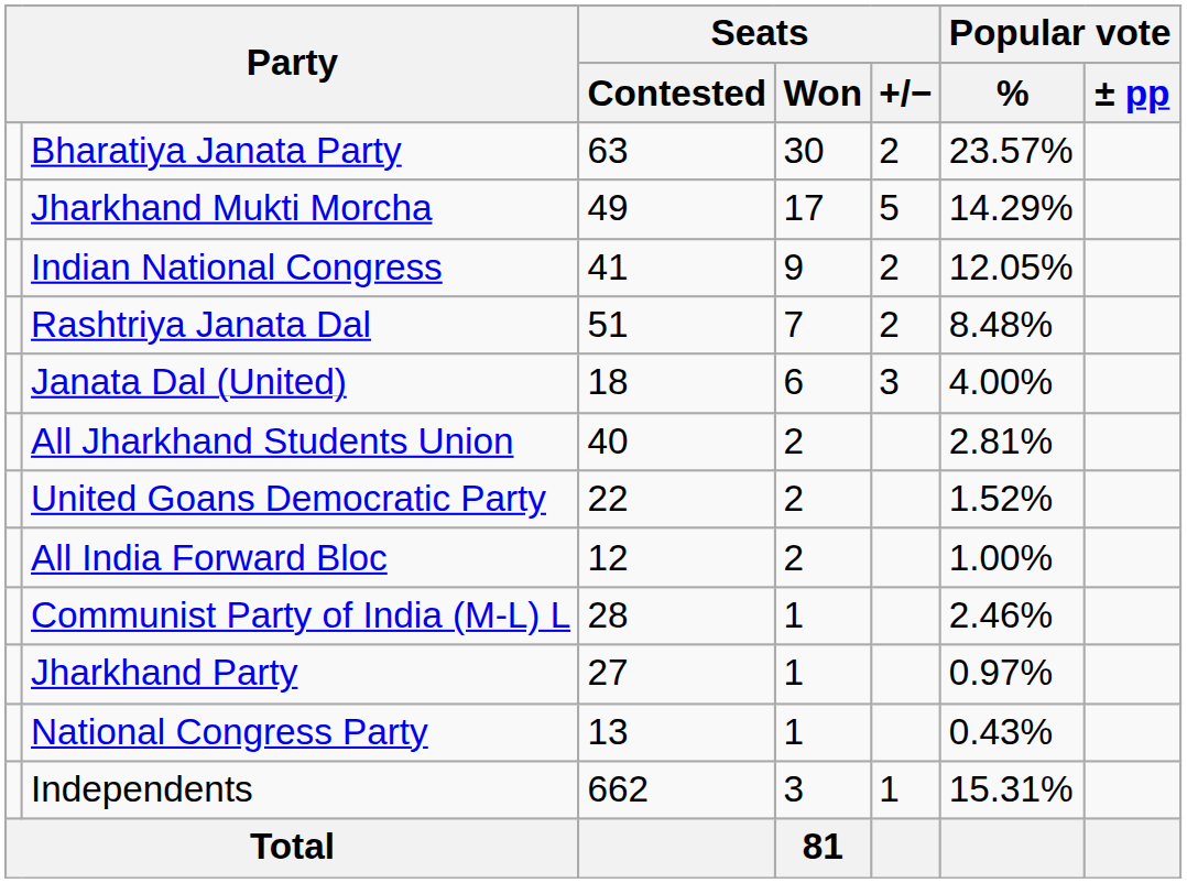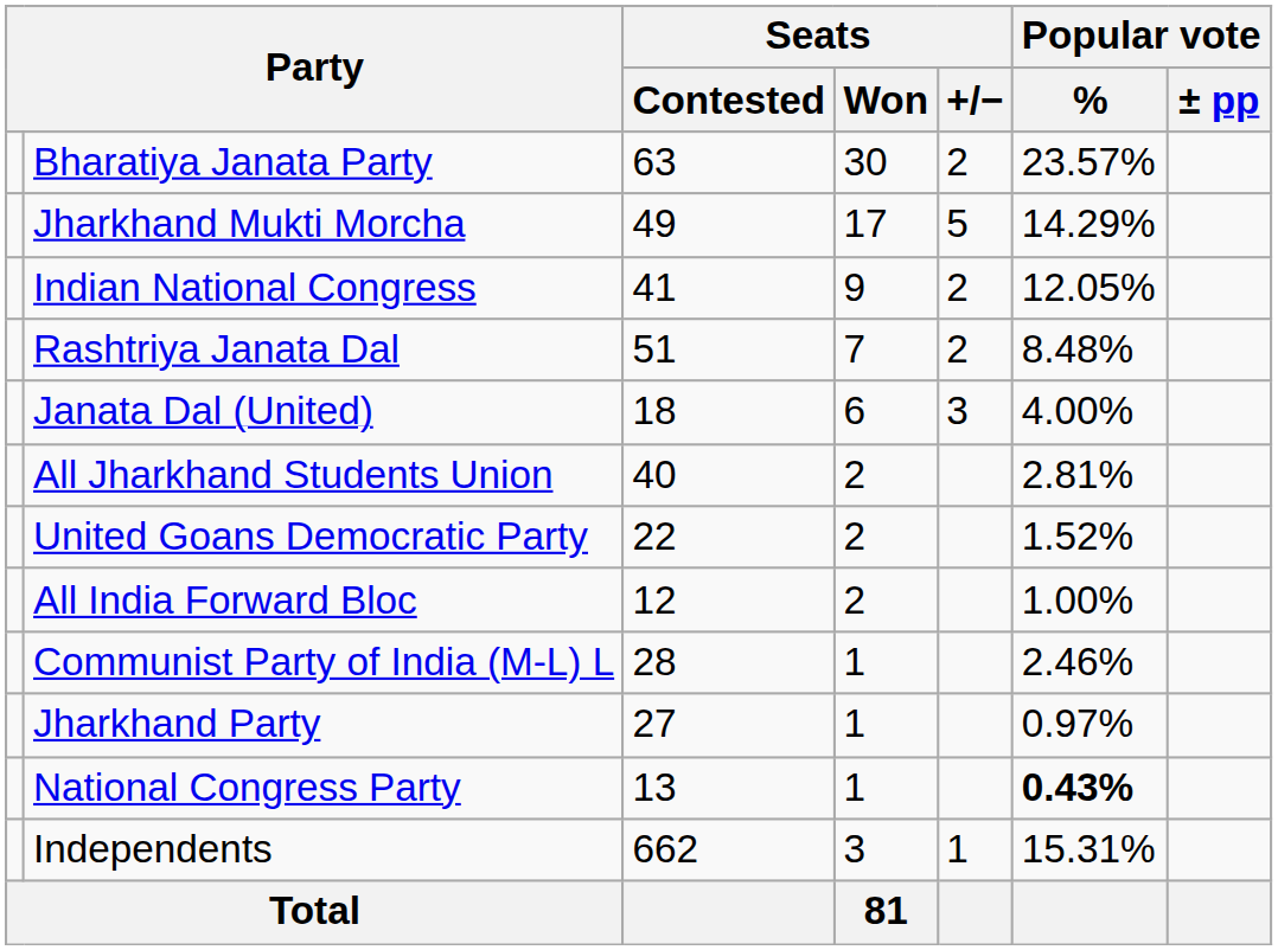 <table class="wikitable">
 <tr>
 <th colspan="2" rowspan="2">Party</th>
 <th colspan="3">Seats</th>
 <th colspan="2">Popular vote</th>
 </tr>
 <tr>
 <th>Contested</th>
 <th>Won</th>
 <th><strong>+/−</strong></th>
 <th>%</th>
 <th>± <a href='#'>pp</a></th>
 </tr>
 <tr>
 <td style="background-color: "></td>
 <td><a href='#'>Bharatiya Janata Party</a></td>
 <td>63</td>
 <td>30</td>
 <td>2</td>
 <td>23.57%</td>
 <td></td>
 </tr>
 <tr>
 <td style="background-color: "></td>
 <td><a href='#'>Jharkhand Mukti Morcha</a></td>
 <td>49</td>
 <td>17</td>
 <td>5</td>
 <td>14.29%</td>
 <td></td>
 </tr>
 <tr>
 <td style="background-color: "></td>
 <td><a href='#'>Indian National Congress</a></td>
 <td>41</td>
 <td>9</td>
 <td>2</td>
 <td>12.05%</td>
 <td></td>
 </tr>
 <tr>
 <td style="background-color: "></td>
 <td><a href='#'>Rashtriya Janata Dal</a></td>
 <td>51</td>
 <td>7</td>
 <td>2</td>
 <td>8.48%</td>
 <td></td>
 </tr>
 <tr>
 <td style="background-color: "></td>
 <td><a href='#'>Janata Dal (United)</a></td>
 <td>18</td>
 <td>6</td>
 <td>3</td>
 <td>4.00%</td>
 <td></td>
 </tr>
 <tr>
 <td style="background-color: "></td>
 <td><a href='#'>All Jharkhand Students Union</a></td>
 <td>40</td>
 <td>2</td>
 <td></td>
 <td>2.81%</td>
 <td></td>
 </tr>
 <tr>
 <td style="background-color: "></td>
 <td><a href='#'>United Goans Democratic Party</a></td>
 <td>22</td>
 <td>2</td>
 <td></td>
 <td>1.52%</td>
 <td></td>
 </tr>
 <tr>
 <td style="background-color: "></td>
 <td><a href='#'>All India Forward Bloc</a></td>
 <td>12</td>
 <td>2</td>
 <td></td>
 <td>1.00%</td>
 <td></td>
 </tr>
 <tr>
 <td style="background-color: "></td>
 <td><a href='#'>Communist Party of India (M-L) L</a></td>
 <td>28</td>
 <td>1</td>
 <td></td>
 <td>2.46%</td>
 <td></td>
 </tr>
 <tr>
 <td style="background-color: "></td>
 <td><a href='#'>Jharkhand Party</a></td>
 <td>27</td>
 <td>1</td>
 <td></td>
 <td>0.97%</td>
 <td></td>
 </tr>
 <tr>
 <td style="background-color: "></td>
 <td><a href='#'>National Congress Party</a></td>
 <td>13</td>
 <td>1</td>
 <td></td>
-<td>0.43%</td>
+<td><strong>0.43%</strong></td>
 <td></td>
 </tr>
 <tr>
 <td style="background-color: "></td>
 <td>Independents</td>
 <td>662</td>
 <td>3</td>
 <td>1</td>
 <td>15.31%</td>
 <td></td>
 </tr>
 <tr>
 <th colspan="2">Total</th>
 <th></th>
 <th>81</th>
 <th></th>
 <th></th>
 <th></th>
 </tr>
 </table>
